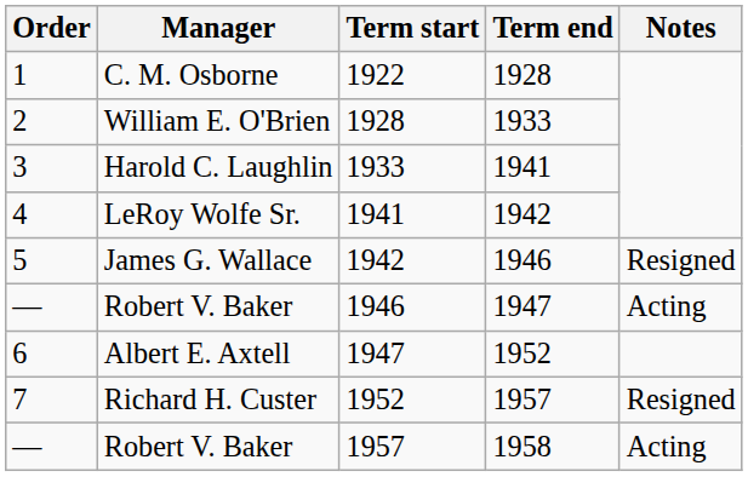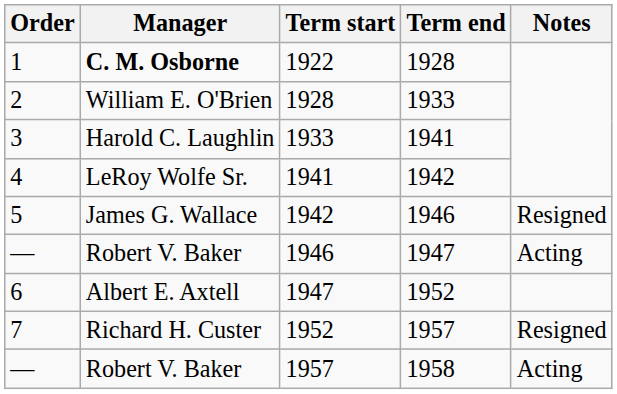 <table class="wikitable">
 <tr>
 <th>Order</th>
 <th>Manager</th>
 <th>Term start</th>
 <th>Term end</th>
 <th>Notes</th>
 </tr>
 <tr>
 <td>1</td>
-<td>C. M. Osborne</td>
+<td><strong>C. M. Osborne</strong></td>
 <td>1922</td>
 <td>1928</td>
 </tr>
 <tr>
 <td>2</td>
 <td>William E. O'Brien</td>
 <td>1928</td>
 <td>1933</td>
 </tr>
 <tr>
 <td>3</td>
 <td>Harold C. Laughlin</td>
 <td>1933</td>
 <td>1941</td>
 </tr>
 <tr>
 <td>4</td>
 <td>LeRoy Wolfe Sr.</td>
 <td>1941</td>
 <td>1942</td>
 </tr>
 <tr>
 <td>5</td>
 <td>James G. Wallace</td>
 <td>1942</td>
 <td>1946</td>
 <td>Resigned</td>
 </tr>
 <tr>
 <td>—</td>
 <td>Robert V. Baker</td>
 <td>1946</td>
 <td>1947</td>
 <td>Acting</td>
 </tr>
 <tr>
 <td>6</td>
 <td>Albert E. Axtell</td>
 <td>1947</td>
 <td>1952</td>
 </tr>
 <tr>
 <td>7</td>
 <td>Richard H. Custer</td>
 <td>1952</td>
 <td>1957</td>
 <td>Resigned</td>
 </tr>
 <tr>
 <td>—</td>
 <td>Robert V. Baker<br></td>
 <td>1957</td>
 <td>1958</td>
 <td>Acting</td>
 </tr>
 </table>
